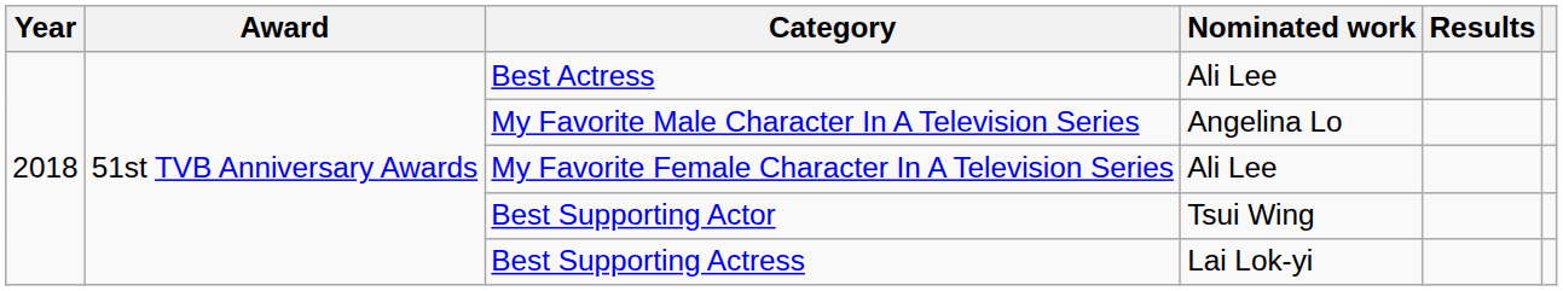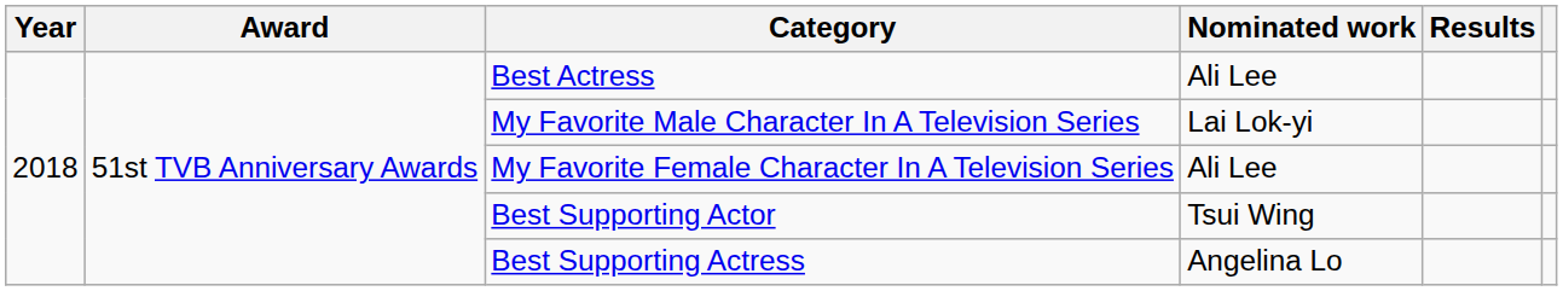 <table class="wikitable sortable plainrowheaders">
 <tr>
 <th scope="col">Year</th>
 <th scope="col">Award</th>
 <th scope="col">Category</th>
 <th scope="col">Nominated work</th>
 <th scope="col">Results</th>
 <th scope="col" class="unsortable"></th>
 </tr>
 <tr>
 <td rowspan="5">2018</td>
 <td rowspan="5">51st <a href='#'>TVB Anniversary Awards</a></td>
 <td><a href='#'>Best Actress</a></td>
 <td>Ali Lee</td>
 <td></td>
 <td></td>
 </tr>
 <tr>
 <td><a href='#'>My Favorite Male Character In A Television Series</a></td>
-<td>Angelina Lo</td>
+<td>Lai Lok-yi </td>
 <td></td>
 <td></td>
 </tr>
 <tr>
 <td><a href='#'>My Favorite Female Character In A Television Series</a></td>
 <td>Ali Lee </td>
 <td></td>
 <td></td>
 </tr>
 <tr>
 <td><a href='#'>Best Supporting Actor</a></td>
 <td>Tsui Wing</td>
 <td></td>
 <td></td>
 </tr>
 <tr>
 <td><a href='#'>Best Supporting Actress</a></td>
-<td>Lai Lok-yi </td>
+<td>Angelina Lo</td>
 <td></td>
 <td></td>
 </tr>
 </table>
